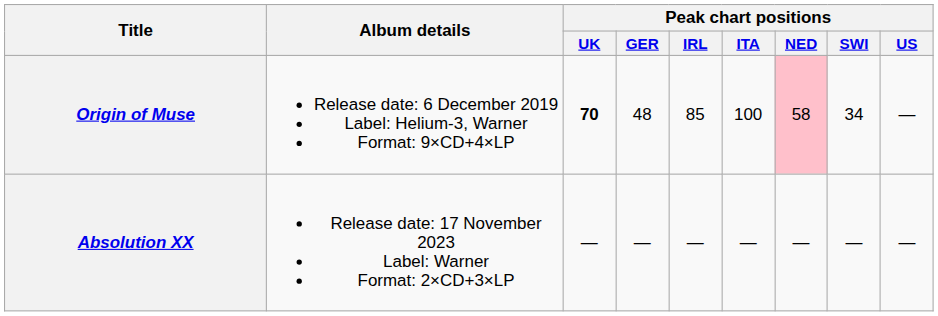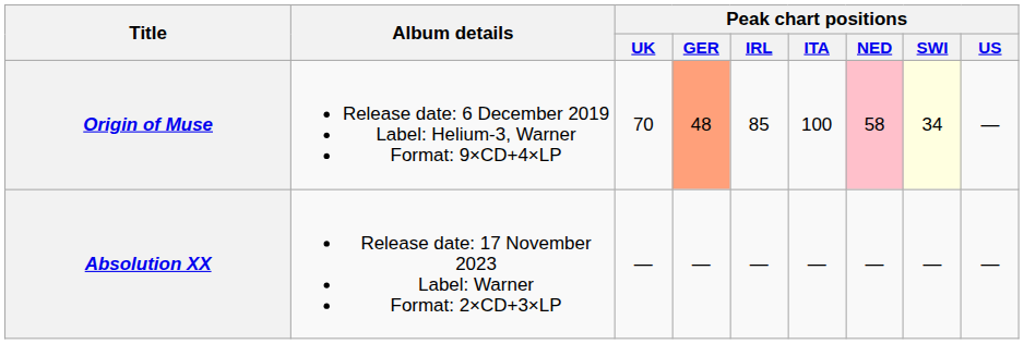 <table class="wikitable plainrowheaders" style="text-align:center;">
 <tr>
 <th scope="col" rowspan="2" style="width:15em;">Title</th>
 <th scope="col" rowspan="2" style="width:17em;">Album details</th>
 <th scope="col" colspan="7">Peak chart positions</th>
 </tr>
 <tr>
 <th scope="col" style="width:3em;font-size:90%;"><a href='#'>UK</a><br></th>
 <th scope="col" style="width:3em;font-size:90%;"><a href='#'>GER</a><br></th>
 <th scope="col" style="width:3em;font-size:90%;"><a href='#'>IRL</a><br></th>
 <th scope="col" style="width:3em;font-size:90%;"><a href='#'>ITA</a><br></th>
 <th scope="col" style="width:3em;font-size:90%;"><a href='#'>NED</a><br></th>
 <th scope="col" style="width:3em;font-size:90%;"><a href='#'>SWI</a><br></th>
 <th scope="col" style="width:3em;font-size:90%;"><a href='#'>US</a><br></th>
 </tr>
 <tr>
 <th scope="row"><em><a href='#'>Origin of Muse</a></em></th>
 <td><br><ul><li>Release date: 6 December 2019</li><li>Label: Helium-3, Warner</li><li>Format: 9×CD+4×LP</li></ul></td>
-<td><strong>70</strong></td>
-<td>48</td>
+<td>70</td>
+<td style="background: lightsalmon;">48</td>
 <td>85</td>
 <td>100</td>
 <td style="background: pink;">58</td>
-<td>34</td>
+<td style="background: lightyellow;">34</td>
 <td>—</td>
 </tr>
 <tr>
 <th scope="row"><em><a href='#'>Absolution XX</a></em></th>
 <td><br><ul><li>Release date: 17 November 2023</li><li>Label: Warner</li><li>Format: 2×CD+3×LP</li></ul></td>
 <td>—</td>
 <td>—</td>
 <td>—</td>
 <td>—</td>
 <td>—</td>
 <td>—</td>
 <td>—</td>
 </tr>
 </table>
